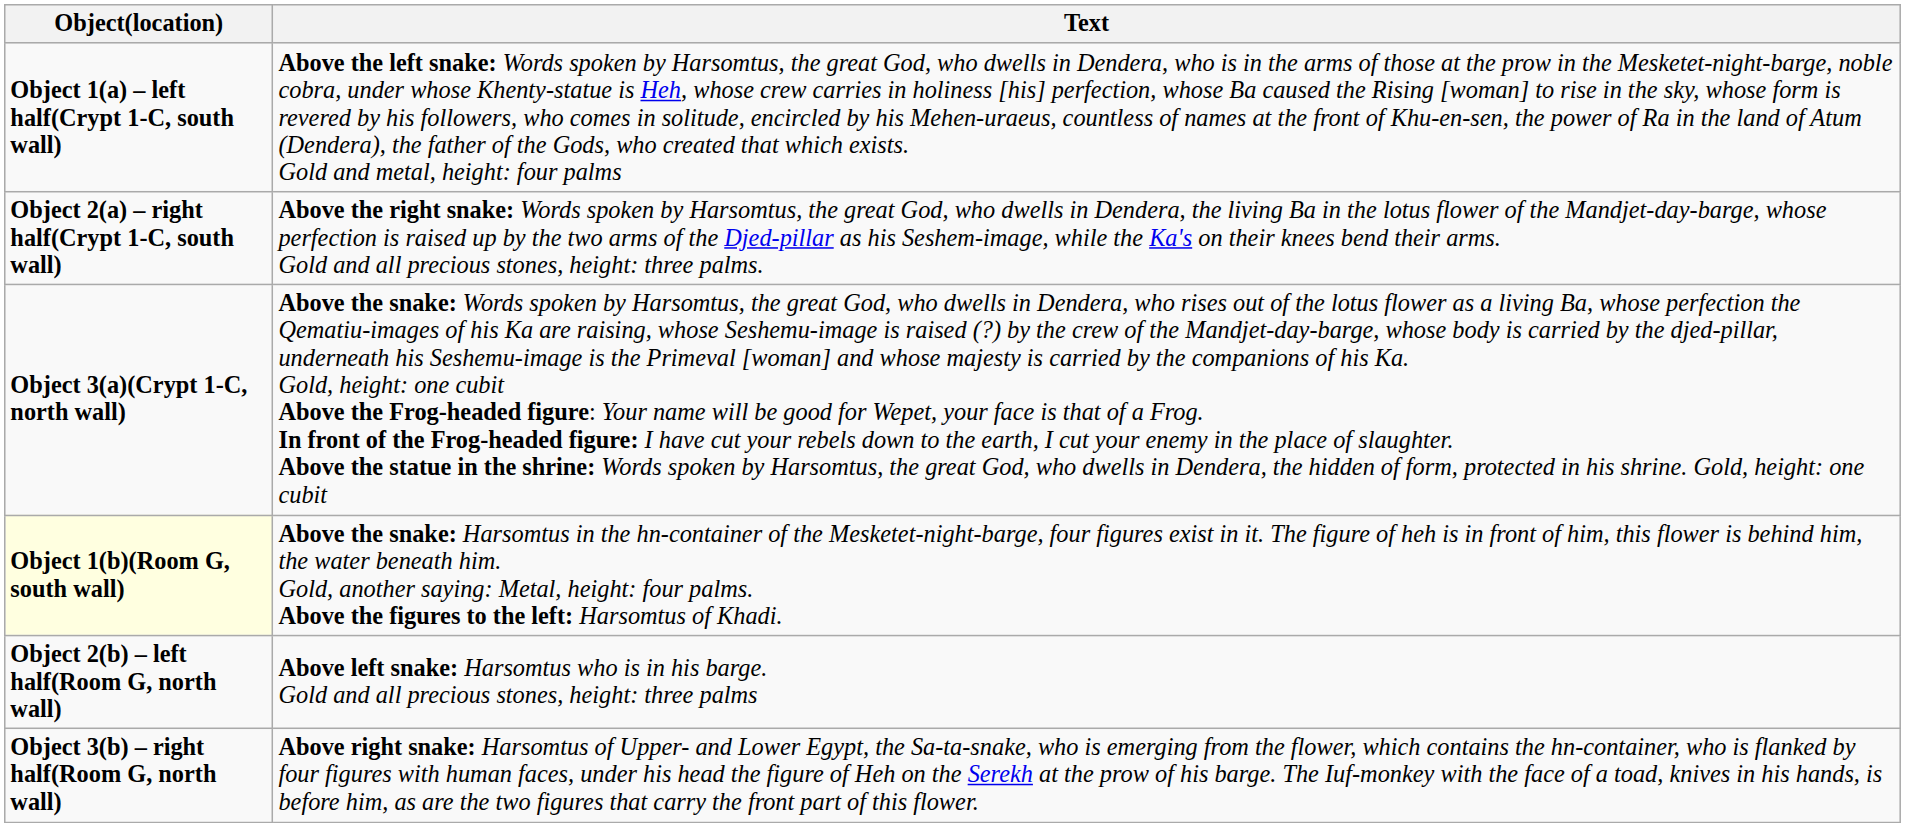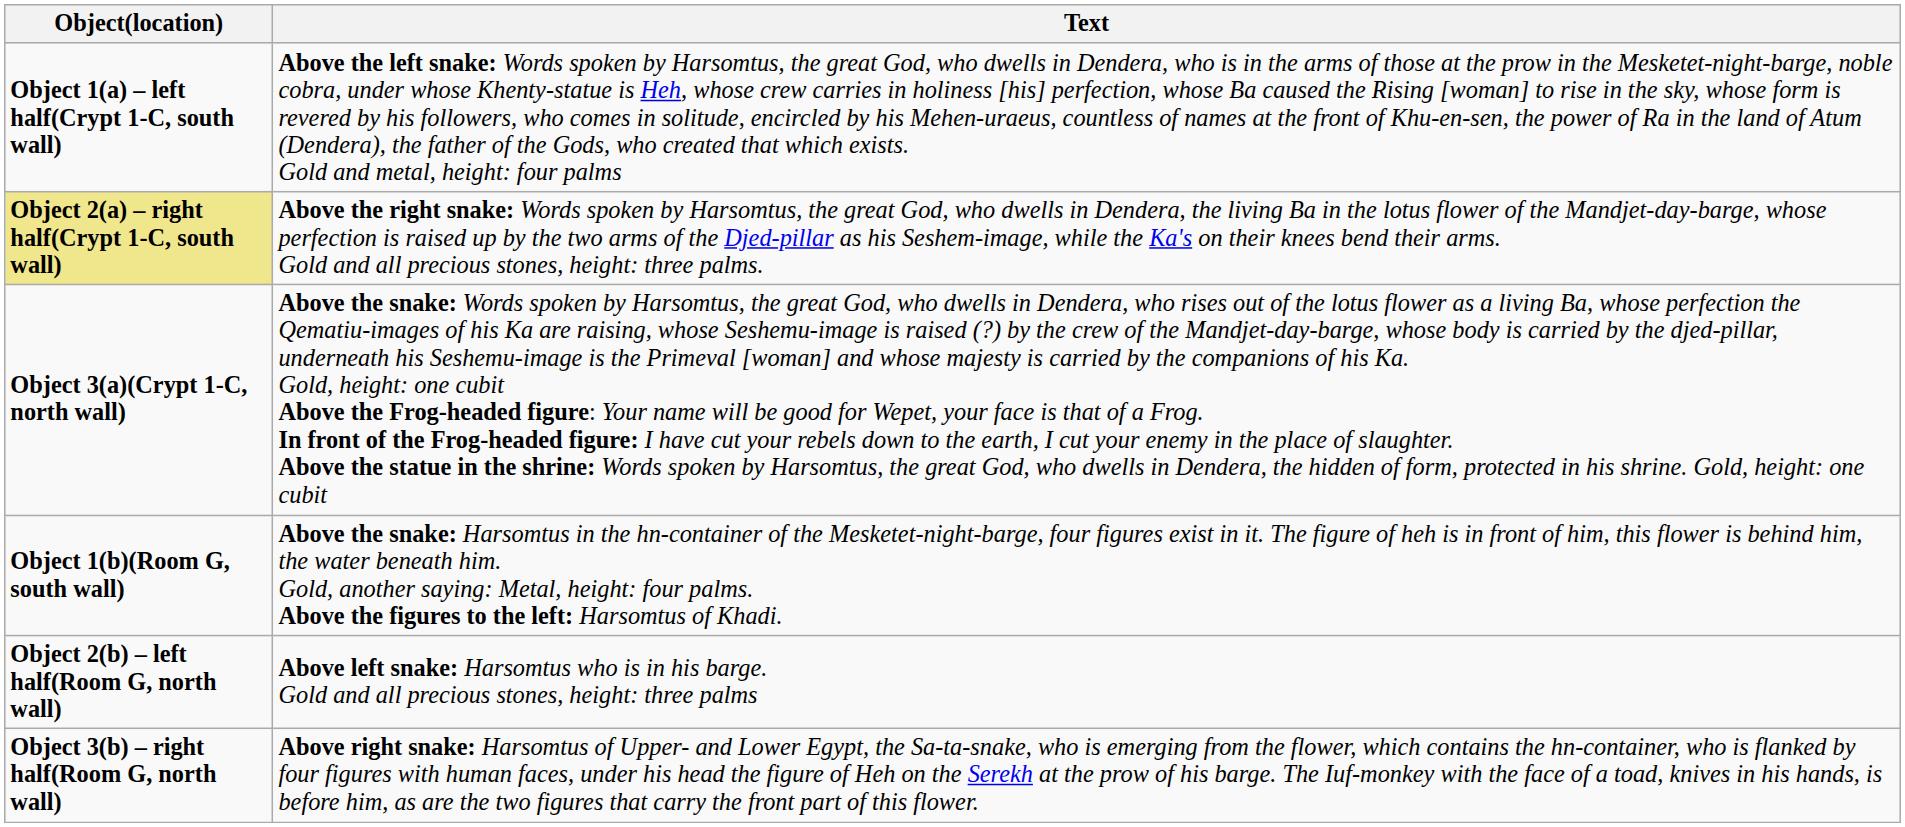 <table class="wikitable">
 <tr>
 <th>Object(location)</th>
 <th>Text</th>
 </tr>
 <tr>
 <td><strong>Object 1(a) – left half(Crypt 1-C, south wall)</strong><br></td>
 <td><strong>Above the left snake:</strong> <em>Words spoken by Harsomtus, the great God, who dwells in Dendera, who is in the arms of those at the prow in the Mesketet-night-barge, noble cobra, under whose Khenty-statue is <a href='#'>Heh</a>, whose crew carries in holiness [his] perfection, whose Ba caused the Rising [woman] to rise in the sky, whose form is revered by his followers, who comes in solitude, encircled by his Mehen-uraeus, countless of names at the front of Khu-en-sen, the power of Ra in the land of Atum (Dendera), the father of the Gods, who created that which exists.</em><br><em>Gold and metal, height: four palms</em></td>
 </tr>
 <tr>
-<td><strong>Object 2(a) – right half(Crypt 1-C, south wall)</strong><br></td>
+<td style="background: khaki;"><strong>Object 2(a) – right half(Crypt 1-C, south wall)</strong><br></td>
 <td><strong>Above the right snake:</strong> <em>Words spoken by Harsomtus, the great God, who dwells in Dendera, the living Ba in the lotus flower of the Mandjet-day-barge, whose perfection is raised up by the two arms of the <a href='#'>Djed-pillar</a> as his Seshem-image, while the <a href='#'>Ka's</a> on their knees bend their arms.</em><br><em>Gold and all precious stones, height: three palms.</em></td>
 </tr>
 <tr>
 <td><strong>Object 3(a)(Crypt 1-C, north wall)</strong><br></td>
 <td><strong>Above the snake:</strong> <em>Words spoken by Harsomtus, the great God, who dwells in Dendera, who rises out of the lotus flower as a living Ba, whose perfection the Qematiu-images of his Ka are raising, whose Seshemu-image is raised (?) by the crew of the Mandjet-day-barge, whose body is carried by the djed-pillar, underneath his Seshemu-image is the Primeval [woman] and whose majesty is carried by the companions of his Ka.</em><br><em>Gold, height: one cubit</em><br><strong>Above the Frog-headed figure</strong>: <em>Your name will be good for Wepet, your face is that of a Frog.</em><br><strong>In front of the Frog-headed figure:</strong> <em>I have cut your rebels down to the earth, I cut your enemy in the place of slaughter.</em><br><strong>Above the statue in the shrine:</strong>  <em>Words spoken by Harsomtus, the great God, who dwells in Dendera, the hidden of form, protected in his shrine. Gold, height: one cubit</em></td>
 </tr>
 <tr>
-<td style="background: lightyellow;"><strong>Object 1(b)(Room G, south wall)</strong><br></td>
+<td><strong>Object 1(b)(Room G, south wall)</strong><br></td>
 <td><strong>Above the snake:</strong> <em>Harsomtus in the hn-container of the Mesketet-night-barge, four figures exist in it. The figure of heh is in front of him, this flower is behind him, the water beneath him.</em><br><em>Gold, another saying: Metal, height: four palms.</em><br><strong>Above the figures to the left:</strong> <em>Harsomtus of Khadi.</em></td>
 </tr>
 <tr>
 <td><strong>Object 2(b) – left half(Room G, north wall)</strong><br></td>
 <td><strong>Above left snake:</strong> <em>Harsomtus who is in his barge.</em><br><em>Gold and all precious stones, height: three palms</em></td>
 </tr>
 <tr>
 <td><strong>Object 3(b) – right half(Room G, north wall)</strong><br></td>
 <td><strong>Above right snake:</strong> <em>Harsomtus of Upper- and Lower Egypt, the Sa-ta-snake, who is emerging from the flower, which contains the hn-container, who is flanked by four figures with human faces, under his head the figure of Heh on the <a href='#'>Serekh</a> at the prow of his barge. The Iuf-monkey with the face of a toad, knives in his hands, is before him, as are the two figures that carry the front part of this flower.</em></td>
 </tr>
 </table>
